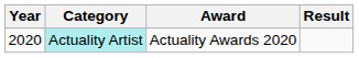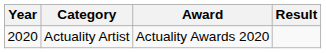 <table class="wikitable">
 <tr>
 <th>Year</th>
 <th>Category</th>
 <th>Award</th>
 <th>Result</th>
 </tr>
 <tr>
 <td rowspan="2">2020</td>
-<td style="background: paleturquoise;">Actuality Artist</td>
+<td>Actuality Artist</td>
 <td rowspan="3">Actuality Awards 2020</td>
 <td></td>
 </tr>
 </table>
